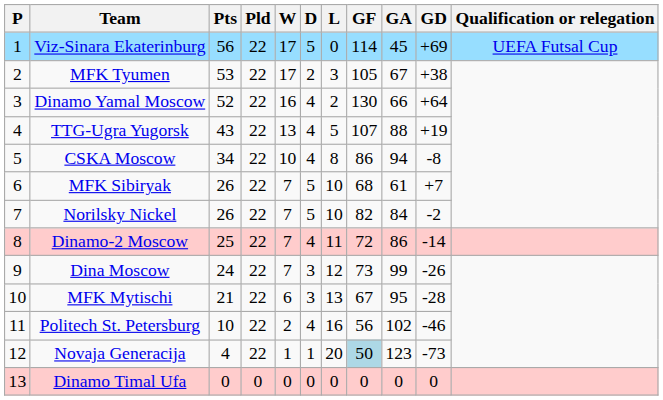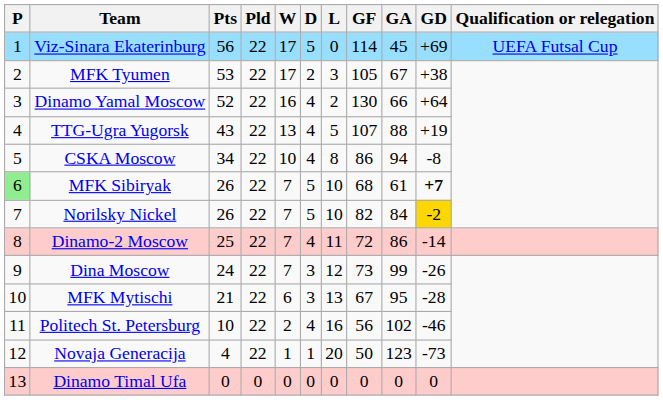 <table class="wikitable sortable" style="text-align: center;">
 <tr>
 <th align="center">P</th>
 <th align="center">Team</th>
 <th align="center">Pts</th>
 <th align="center">Pld</th>
 <th align="center">W</th>
 <th align="center">D</th>
 <th align="center">L</th>
 <th align="center">GF</th>
 <th align="center">GA</th>
 <th align="center">GD</th>
 <th align="center">Qualification or relegation</th>
 </tr>
 <tr ! style="background:#97DEFF;">
 <td>1</td>
 <td><a href='#'>Viz-Sinara Ekaterinburg</a></td>
 <td>56</td>
 <td>22</td>
 <td>17</td>
 <td>5</td>
 <td>0</td>
 <td>114</td>
 <td>45</td>
 <td>+69</td>
 <td><a href='#'>UEFA Futsal Cup</a></td>
 </tr>
 <tr>
 <td>2</td>
 <td><a href='#'>MFK Tyumen</a></td>
 <td>53</td>
 <td>22</td>
 <td>17</td>
 <td>2</td>
 <td>3</td>
 <td>105</td>
 <td>67</td>
 <td>+38</td>
 </tr>
 <tr>
 <td>3</td>
 <td><a href='#'>Dinamo Yamal Moscow</a></td>
 <td>52</td>
 <td>22</td>
 <td>16</td>
 <td>4</td>
 <td>2</td>
 <td>130</td>
 <td>66</td>
 <td>+64</td>
 </tr>
 <tr>
 <td>4</td>
 <td><a href='#'>TTG-Ugra Yugorsk</a></td>
 <td>43</td>
 <td>22</td>
 <td>13</td>
 <td>4</td>
 <td>5</td>
 <td>107</td>
 <td>88</td>
 <td>+19</td>
 </tr>
 <tr>
 <td>5</td>
 <td><a href='#'>CSKA Moscow</a></td>
 <td>34</td>
 <td>22</td>
 <td>10</td>
 <td>4</td>
 <td>8</td>
 <td>86</td>
 <td>94</td>
 <td>-8</td>
 </tr>
 <tr>
-<td>6</td>
+<td style="background: lightgreen;">6</td>
 <td><a href='#'>MFK Sibiryak</a></td>
 <td>26</td>
 <td>22</td>
 <td>7</td>
 <td>5</td>
 <td>10</td>
 <td>68</td>
 <td>61</td>
-<td>+7</td>
+<td><strong>+7</strong></td>
 </tr>
 <tr>
 <td>7</td>
 <td><a href='#'>Norilsky Nickel</a></td>
 <td>26</td>
 <td>22</td>
 <td>7</td>
 <td>5</td>
 <td>10</td>
 <td>82</td>
 <td>84</td>
-<td>-2</td>
+<td style="background: gold;">-2</td>
 </tr>
 <tr ! style="background:#FFCCCC;">
 <td>8</td>
 <td><a href='#'>Dinamo-2 Moscow</a></td>
 <td>25</td>
 <td>22</td>
 <td>7</td>
 <td>4</td>
 <td>11</td>
 <td>72</td>
 <td>86</td>
 <td>-14</td>
 <td></td>
 </tr>
 <tr>
 <td>9</td>
 <td><a href='#'>Dina Moscow</a></td>
 <td>24</td>
 <td>22</td>
 <td>7</td>
 <td>3</td>
 <td>12</td>
 <td>73</td>
 <td>99</td>
 <td>-26</td>
 </tr>
 <tr>
 <td>10</td>
 <td><a href='#'>MFK Mytischi</a></td>
 <td>21</td>
 <td>22</td>
 <td>6</td>
 <td>3</td>
 <td>13</td>
 <td>67</td>
 <td>95</td>
 <td>-28</td>
 </tr>
 <tr>
 <td>11</td>
 <td><a href='#'>Politech St. Petersburg</a></td>
 <td>10</td>
 <td>22</td>
 <td>2</td>
 <td>4</td>
 <td>16</td>
 <td>56</td>
 <td>102</td>
 <td>-46</td>
 </tr>
 <tr>
 <td>12</td>
 <td><a href='#'>Novaja Generacija</a></td>
 <td>4</td>
 <td>22</td>
 <td>1</td>
 <td>1</td>
 <td>20</td>
-<td style="background: lightblue;">50</td>
+<td>50</td>
 <td>123</td>
 <td>-73</td>
 </tr>
 <tr ! style="background:#FFCCCC;">
 <td>13</td>
 <td><a href='#'>Dinamo Timal Ufa</a></td>
 <td>0</td>
 <td>0</td>
 <td>0</td>
 <td>0</td>
 <td>0</td>
 <td>0</td>
 <td>0</td>
 <td>0</td>
 <td></td>
 </tr>
 </table>
